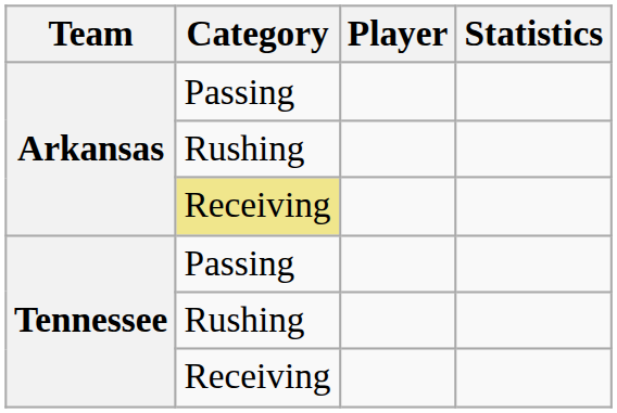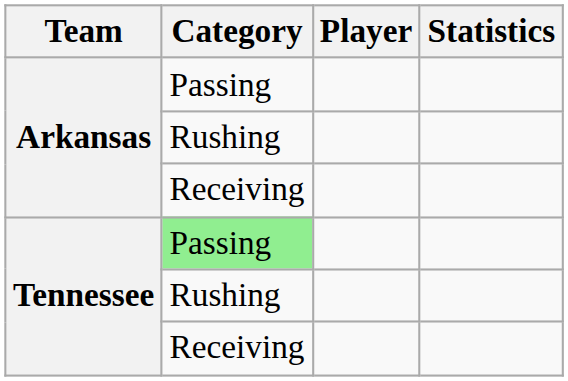 <table class="wikitable" style="float:right">
 <tr>
 <th>Team</th>
 <th>Category</th>
 <th>Player</th>
 <th>Statistics</th>
 </tr>
 <tr>
 <th rowspan=3>Arkansas</th>
 <td>Passing</td>
 <td></td>
 <td></td>
 </tr>
 <tr>
 <td>Rushing</td>
 <td></td>
 <td></td>
 </tr>
 <tr>
-<td style="background: khaki;">Receiving</td>
+<td>Receiving</td>
 <td></td>
 <td></td>
 </tr>
 <tr>
 <th rowspan=3>Tennessee</th>
-<td>Passing</td>
+<td style="background: lightgreen;">Passing</td>
 <td></td>
 <td></td>
 </tr>
 <tr>
 <td>Rushing</td>
 <td></td>
 <td></td>
 </tr>
 <tr>
 <td>Receiving</td>
 <td></td>
 <td></td>
 </tr>
 </table>
